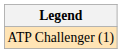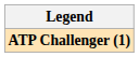 <table class=wikitable style=font-size:97%>
 <tr>
 <th>Legend</th>
 </tr>
 <tr bgcolor=moccasin>
-<td>ATP Challenger (1)</td>
+<td><strong>ATP Challenger (1)</strong></td>
 </tr>
 </table>
